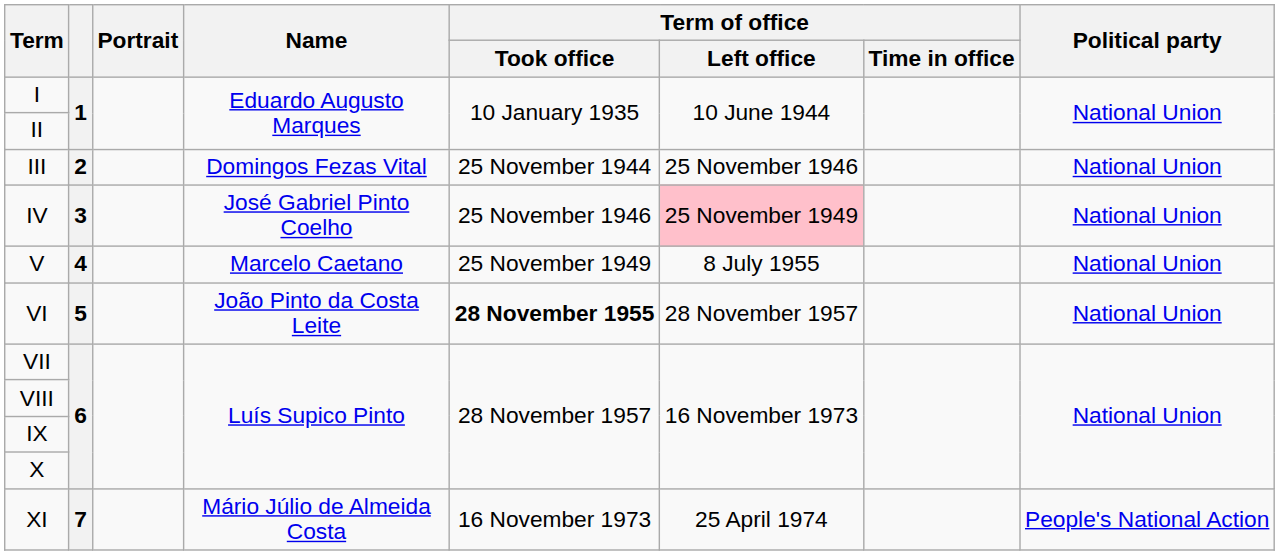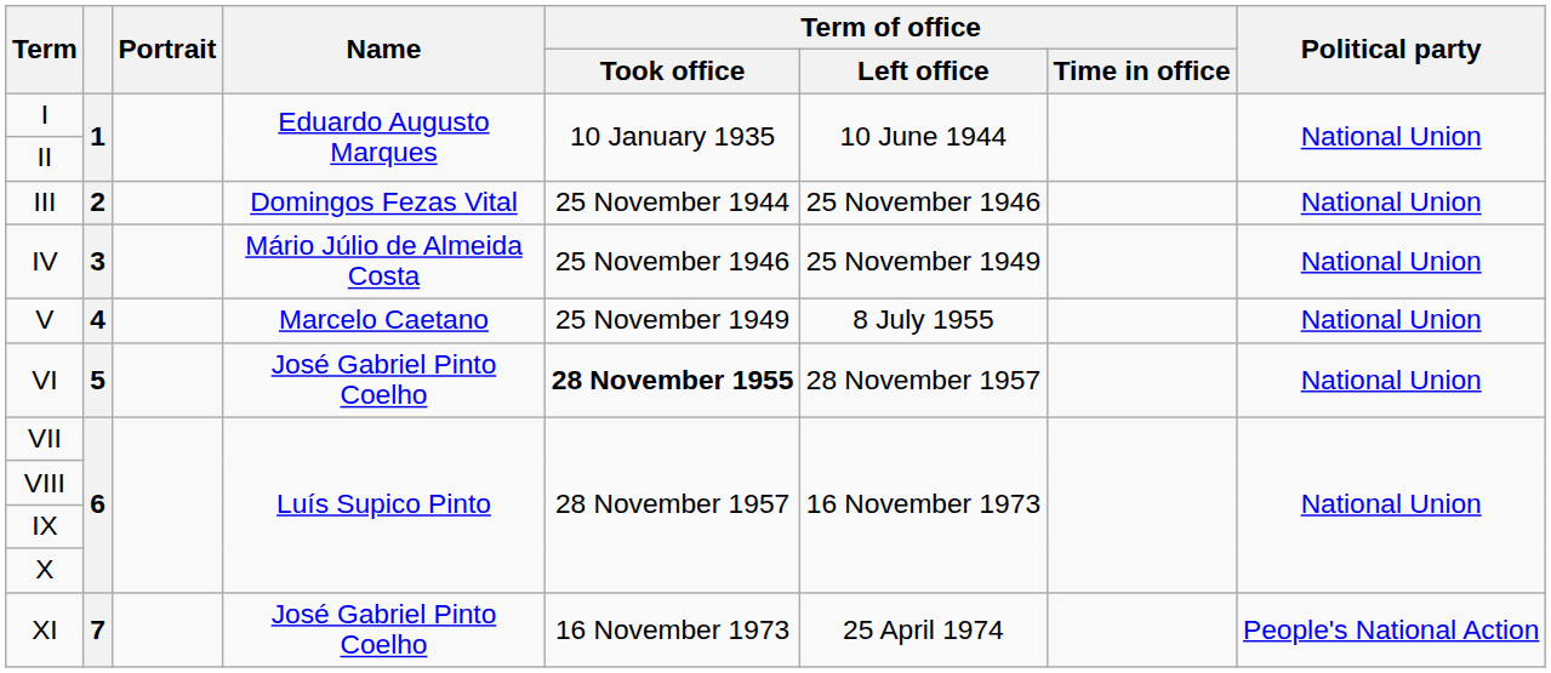 <table class="wikitable" style="text-align:center">
 <tr>
 <th rowspan="2">Term</th>
 <th rowspan="2"></th>
 <th rowspan="2">Portrait</th>
 <th rowspan="2" width="180">Name<br></th>
 <th colspan="3">Term of office</th>
 <th rowspan="2">Political party</th>
 </tr>
 <tr>
 <th>Took office</th>
 <th>Left office</th>
 <th>Time in office</th>
 </tr>
 <tr>
 <td>I</td>
 <th rowspan="3" style="background:">1</th>
 <td rowspan="3"></td>
 <td rowspan="3"><a href='#'>Eduardo Augusto Marques</a><br></td>
 <td rowspan="3">10 January 1935</td>
 <td rowspan="3">10 June 1944</td>
 <td rowspan="3"></td>
 <td rowspan="3"><a href='#'>National Union</a></td>
 </tr>
 <tr>
 <td>II</td>
 </tr>
 <tr>
 <td rowspan="2">III</td>
 </tr>
 <tr>
 <th rowspan="2" style="background:">2</th>
 <td rowspan="2"></td>
 <td rowspan="2"><a href='#'>Domingos Fezas Vital</a><br></td>
 <td rowspan="2">25 November 1944</td>
 <td rowspan="2">25 November 1946</td>
 <td rowspan="2"></td>
 <td rowspan="2"><a href='#'>National Union</a></td>
 </tr>
 <tr>
 <td rowspan="2">IV</td>
 </tr>
 <tr>
 <th style="background:">3</th>
 <td></td>
-<td><a href='#'>José Gabriel Pinto Coelho</a><br></td>
+<td><a href='#'>Mário Júlio de Almeida Costa</a><br></td>
 <td>25 November 1946</td>
-<td style="background: pink;">25 November 1949</td>
+<td>25 November 1949</td>
 <td></td>
 <td><a href='#'>National Union</a></td>
 </tr>
 <tr>
 <td>V</td>
 <th rowspan="2" style="background:">4</th>
 <td rowspan="2"></td>
 <td rowspan="2"><a href='#'>Marcelo Caetano</a><br></td>
 <td rowspan="2">25 November 1949</td>
 <td rowspan="2">8 July 1955</td>
 <td rowspan="2"></td>
 <td rowspan="2"><a href='#'>National Union</a></td>
 </tr>
 <tr>
 <td rowspan="2">VI</td>
 </tr>
 <tr>
 <th style="background:">5</th>
 <td></td>
-<td><a href='#'>João Pinto da Costa Leite</a><br></td>
+<td><a href='#'>José Gabriel Pinto Coelho</a><br></td>
 <td><strong>28 November 1955</strong></td>
 <td>28 November 1957</td>
 <td></td>
 <td><a href='#'>National Union</a></td>
 </tr>
 <tr>
 <td>VII</td>
 <th rowspan="4" style="background:">6</th>
 <td rowspan="4"></td>
 <td rowspan="4"><a href='#'>Luís Supico Pinto</a><br></td>
 <td rowspan="4">28 November 1957</td>
 <td rowspan="4">16 November 1973</td>
 <td rowspan="4"></td>
 <td rowspan="4"><a href='#'>National Union</a><br></td>
 </tr>
 <tr>
 <td>VIII</td>
 </tr>
 <tr>
 <td>IX</td>
 </tr>
 <tr>
 <td>X</td>
 </tr>
 <tr>
 <td>XI</td>
 <th style="background:">7</th>
 <td></td>
-<td><a href='#'>Mário Júlio de Almeida Costa</a><br></td>
+<td><a href='#'>José Gabriel Pinto Coelho</a><br></td>
 <td>16 November 1973</td>
 <td>25 April 1974</td>
 <td></td>
 <td><a href='#'>People's National Action</a></td>
 </tr>
 </table>
